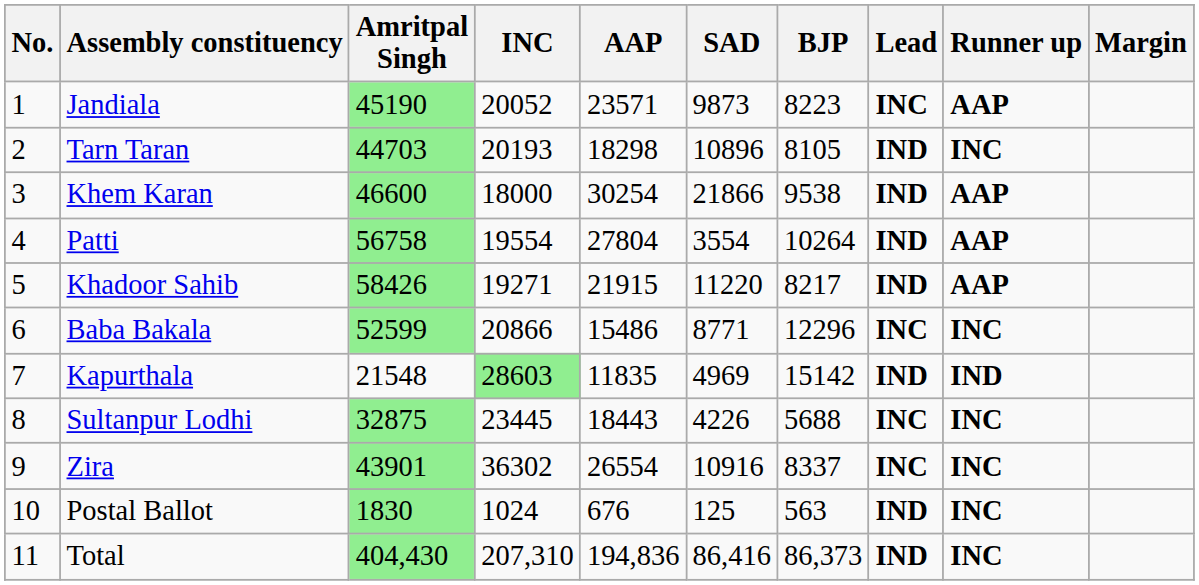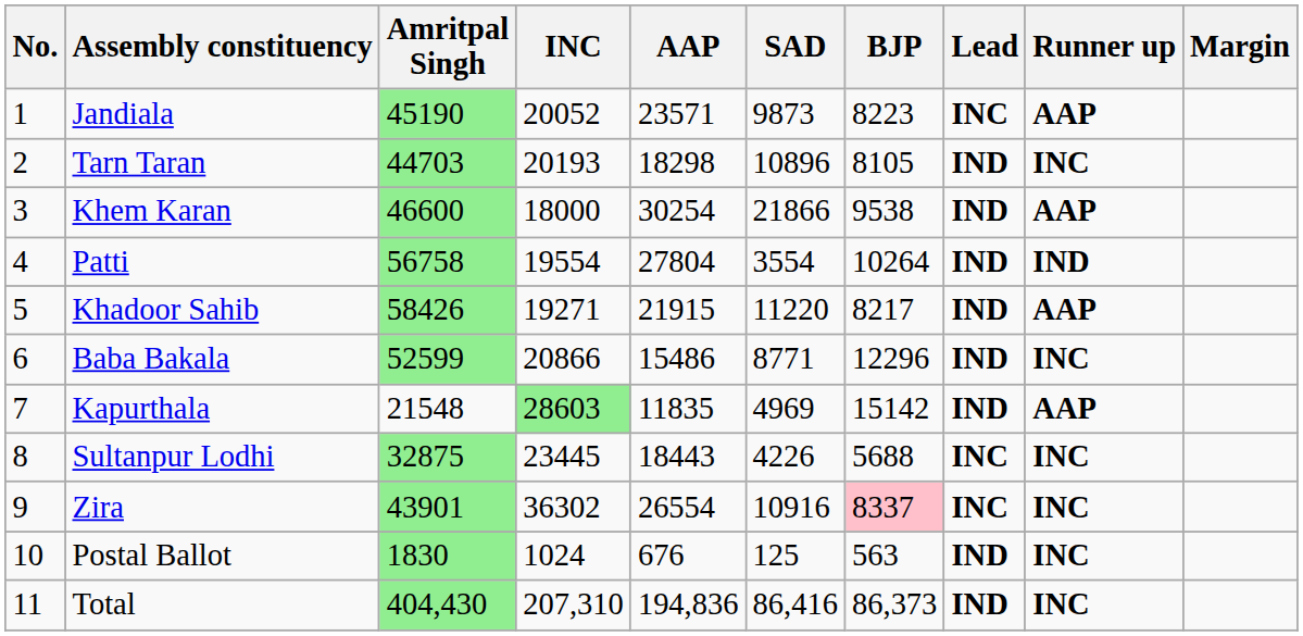 <table class="wikitable sortable">
 <tr>
 <th>No.</th>
 <th>Assembly constituency</th>
 <th>Amritpal<br>Singh</th>
 <th>INC</th>
 <th>AAP</th>
 <th>SAD</th>
 <th>BJP</th>
 <th>Lead</th>
 <th>Runner up</th>
 <th>Margin</th>
 </tr>
 <tr>
 <td>1</td>
 <td><a href='#'>Jandiala</a></td>
 <td bgcolor="lightgreen">45190</td>
 <td>20052</td>
 <td>23571</td>
 <td>9873</td>
 <td>8223</td>
 <td style="background: "><strong>INC</strong></td>
 <td style="background: "><span><strong>AAP</strong></span></td>
 <td></td>
 </tr>
 <tr>
 <td>2</td>
 <td><a href='#'>Tarn Taran</a></td>
 <td bgcolor="lightgreen">44703</td>
 <td>20193</td>
 <td>18298</td>
 <td>10896</td>
 <td>8105</td>
 <td style="background: "><strong>IND</strong></td>
 <td style="background: "><strong>INC</strong></td>
 <td></td>
 </tr>
 <tr>
 <td>3</td>
 <td><a href='#'>Khem Karan</a></td>
 <td bgcolor="lightgreen">46600</td>
 <td>18000</td>
 <td>30254</td>
 <td>21866</td>
 <td>9538</td>
 <td style="background: "><strong>IND</strong></td>
 <td style="background: "><span><strong>AAP</strong></span></td>
 <td></td>
 </tr>
 <tr>
 <td>4</td>
 <td><a href='#'>Patti</a></td>
 <td bgcolor="lightgreen">56758</td>
 <td>19554</td>
 <td>27804</td>
 <td>3554</td>
 <td>10264</td>
 <td style="background: "><strong>IND</strong></td>
-<td style="background: "><span><strong>AAP</strong></span></td>
+<td style="background: "><strong>IND</strong></td>
 <td></td>
 </tr>
 <tr>
 <td>5</td>
 <td><a href='#'>Khadoor Sahib</a></td>
 <td bgcolor="lightgreen">58426</td>
 <td>19271</td>
 <td>21915</td>
 <td>11220</td>
 <td>8217</td>
 <td style="background: "><strong>IND</strong></td>
 <td style="background: "><span><strong>AAP</strong></span></td>
 <td></td>
 </tr>
 <tr>
 <td>6</td>
 <td><a href='#'>Baba Bakala</a></td>
 <td bgcolor="lightgreen">52599</td>
 <td>20866</td>
 <td>15486</td>
 <td>8771</td>
 <td>12296</td>
-<td style="background: "><strong>INC</strong></td>
+<td style="background: "><strong>IND</strong></td>
 <td style="background: "><strong>INC</strong></td>
 <td></td>
 </tr>
 <tr>
 <td>7</td>
 <td><a href='#'>Kapurthala</a></td>
 <td>21548</td>
 <td bgcolor="lightgreen">28603</td>
 <td>11835</td>
 <td>4969</td>
 <td>15142</td>
 <td style="background: "><strong>IND</strong></td>
-<td style="background: "><strong>IND</strong></td>
+<td style="background: "><span><strong>AAP</strong></span></td>
 <td></td>
 </tr>
 <tr>
 <td>8</td>
 <td><a href='#'>Sultanpur Lodhi</a></td>
 <td bgcolor="lightgreen">32875</td>
 <td>23445</td>
 <td>18443</td>
 <td>4226</td>
 <td>5688</td>
 <td style="background: "><strong>INC</strong></td>
 <td style="background: "><strong>INC</strong></td>
 <td></td>
 </tr>
 <tr>
 <td>9</td>
 <td><a href='#'>Zira</a></td>
 <td bgcolor="lightgreen">43901</td>
 <td>36302</td>
 <td>26554</td>
 <td>10916</td>
-<td>8337</td>
+<td style="background: pink;">8337</td>
 <td style="background: "><strong>INC</strong></td>
 <td style="background: "><strong>INC</strong></td>
 <td></td>
 </tr>
 <tr>
 <td>10</td>
 <td>Postal Ballot</td>
 <td bgcolor="lightgreen">1830</td>
 <td>1024</td>
 <td>676</td>
 <td>125</td>
 <td>563</td>
 <td style="background: "><strong>IND</strong></td>
 <td style="background: "><strong>INC</strong></td>
 <td></td>
 </tr>
 <tr>
 <td>11</td>
 <td>Total</td>
 <td bgcolor="lightgreen">404,430</td>
 <td>207,310</td>
 <td>194,836</td>
 <td>86,416</td>
 <td>86,373</td>
 <td style="background: "><strong>IND</strong></td>
 <td style="background: "><strong>INC</strong></td>
 <td></td>
 </tr>
 </table>
